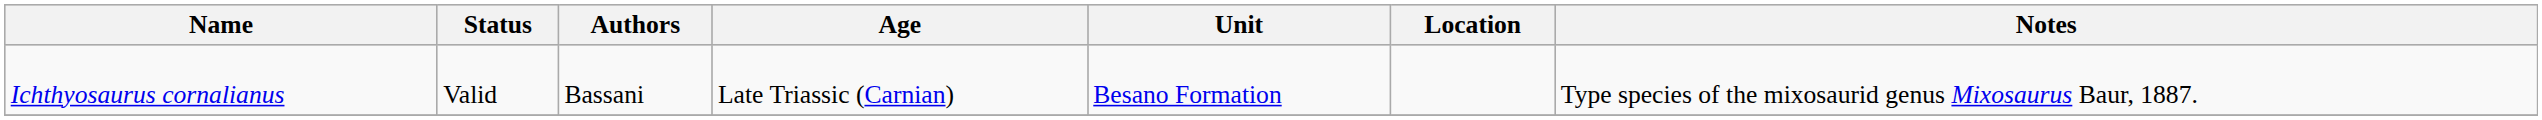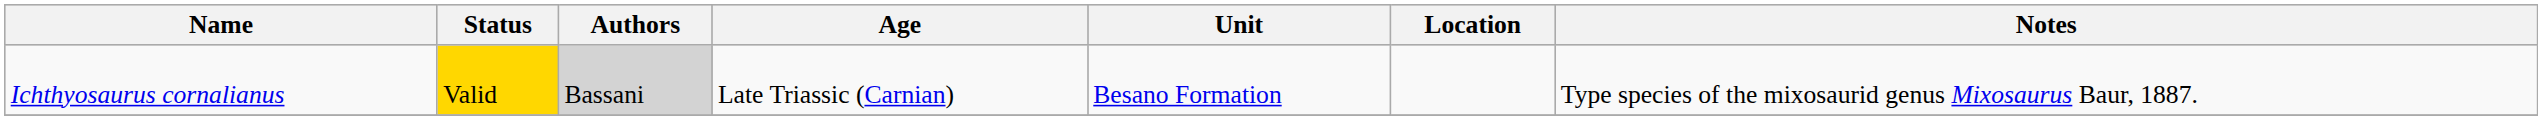 <table class="wikitable sortable" align="center" width="100%">
 <tr>
 <th>Name</th>
 <th>Status</th>
 <th>Authors</th>
 <th>Age</th>
 <th>Unit</th>
 <th>Location</th>
 <th>Notes</th>
 </tr>
 <tr>
 <td><br><em><a href='#'>Ichthyosaurus cornalianus</a></em></td>
-<td><br>Valid</td>
-<td><br>Bassani</td>
+<td style="background: gold;"><br>Valid</td>
+<td style="background: lightgrey;"><br>Bassani</td>
 <td><br>Late Triassic (<a href='#'>Carnian</a>)</td>
 <td><br><a href='#'>Besano Formation</a></td>
 <td><br></td>
 <td><br>Type species of the mixosaurid genus <em><a href='#'>Mixosaurus</a></em> Baur, 1887.</td>
 </tr>
 <tr>
 </tr>
 </table>
